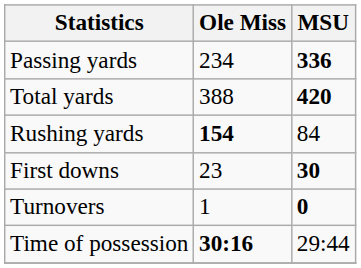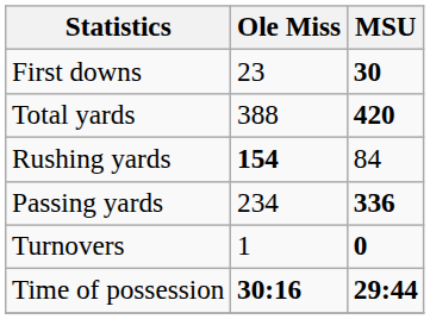 <table class="wikitable" style="float: left;">
 <tr>
 <th>Statistics</th>
 <th>Ole Miss</th>
 <th>MSU</th>
 </tr>
 <tr>
-<td>Passing yards</td>
-<td>234</td>
-<td><strong>336</strong></td>
+<td>First downs</td>
+<td>23</td>
+<td><strong>30</strong></td>
 </tr>
 <tr>
 <td>Total yards</td>
 <td>388</td>
 <td><strong>420</strong></td>
 </tr>
 <tr>
 <td>Rushing yards</td>
 <td><strong>154</strong></td>
 <td>84</td>
 </tr>
 <tr>
-<td>First downs</td>
-<td>23</td>
-<td><strong>30</strong></td>
+<td>Passing yards</td>
+<td>234</td>
+<td><strong>336</strong></td>
 </tr>
 <tr>
 <td>Turnovers</td>
 <td>1</td>
 <td><strong>0</strong></td>
 </tr>
 <tr>
 <td>Time of possession</td>
 <td><strong>30:16</strong></td>
-<td>29:44</td>
+<td><strong>29:44</strong></td>
 </tr>
 <tr>
 </tr>
 </table>
